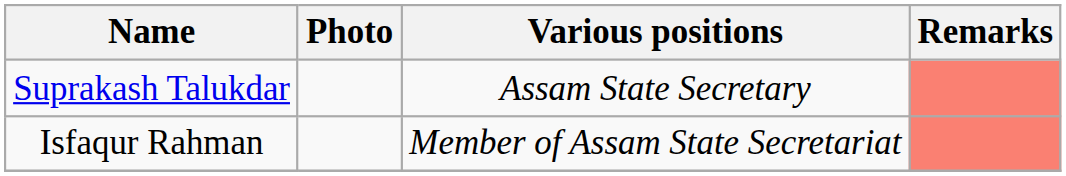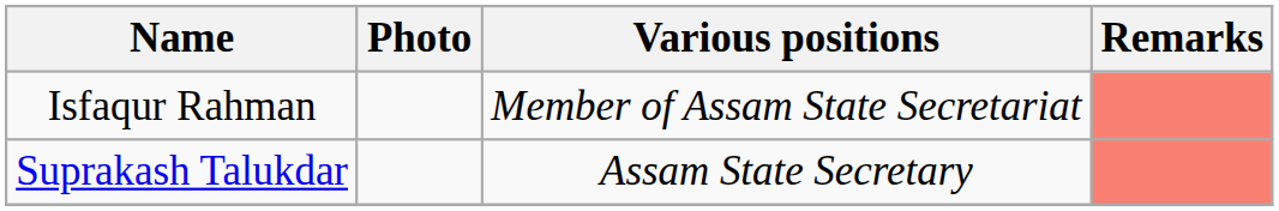 <table class="wikitable sortable" style="text-align:center">
 <tr>
 <th Style="background-color:">Name</th>
 <th Style="background-color:">Photo</th>
 <th Style="background-color:">Various positions</th>
 <th Style="background-color:">Remarks</th>
 </tr>
 <tr>
+<td>Isfaqur Rahman</td>
+<td></td>
+<td><em>Member of Assam State Secretariat</em></td>
+<td bgcolor = Salmon></td>
+</tr>
+<tr>
 <td><a href='#'>Suprakash Talukdar</a></td>
 <td></td>
 <td><em>Assam State Secretary</em></td>
 <td bgcolor = Salmon></td>
 </tr>
 <tr>
-<td>Isfaqur Rahman</td>
-<td></td>
-<td><em>Member of Assam State Secretariat</em></td>
-<td bgcolor = Salmon></td>
-</tr>
-<tr>
 </tr>
 </table>
